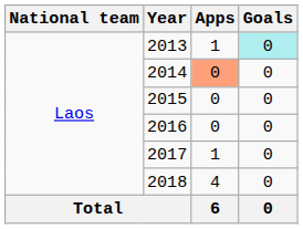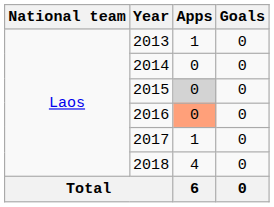 <table class="wikitable" style="text-align:center">
 <tr>
 <th>National team</th>
 <th>Year</th>
 <th>Apps</th>
 <th>Goals</th>
 </tr>
 <tr>
 <td rowspan="6"><a href='#'>Laos</a></td>
 <td>2013</td>
 <td>1</td>
-<td style="background: paleturquoise;">0</td>
+<td>0</td>
 </tr>
 <tr>
 <td>2014</td>
-<td style="background: lightsalmon;">0</td>
+<td>0</td>
 <td>0</td>
 </tr>
 <tr>
 <td>2015</td>
-<td>0</td>
+<td style="background: lightgrey;">0</td>
 <td>0</td>
 </tr>
 <tr>
 <td>2016</td>
-<td>0</td>
+<td style="background: lightsalmon;">0</td>
 <td>0</td>
 </tr>
 <tr>
 <td>2017</td>
 <td>1</td>
 <td>0</td>
 </tr>
 <tr>
 <td>2018</td>
 <td>4</td>
 <td>0</td>
 </tr>
 <tr>
 <th colspan=2>Total</th>
 <th>6</th>
 <th>0</th>
 </tr>
 </table>
